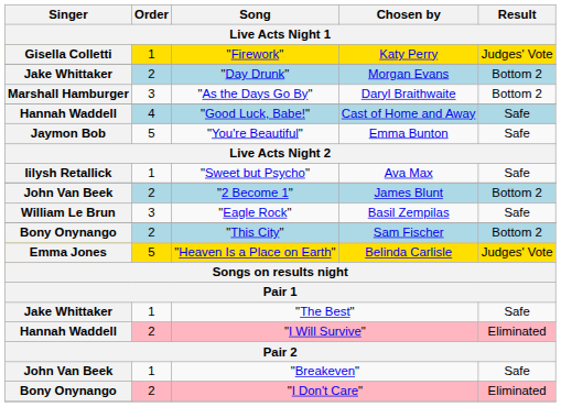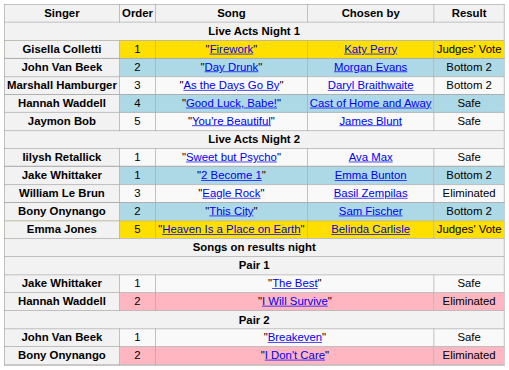 <table class="wikitable plainrowheaders" style="text-align:center;">
 <tr>
 <th scope="col">Singer</th>
 <th scope="col">Order</th>
 <th scope="col">Song</th>
 <th scope="col">Chosen by</th>
 <th scope="col">Result</th>
 </tr>
 <tr>
 <th colspan=5>Live Acts Night 1</th>
 </tr>
 <tr style="background:#ffdf00">
 <th>Gisella Colletti</th>
 <td>1</td>
 <td>"<a href='#'>Firework</a>"</td>
 <td><a href='#'>Katy Perry</a></td>
 <td>Judges' Vote</td>
 </tr>
 <tr>
 </tr>
 <tr style="background:lightblue">
-<th>Jake Whittaker</th>
+<th>John Van Beek</th>
 <td>2</td>
 <td>"<a href='#'>Day Drunk</a>"</td>
 <td><a href='#'>Morgan Evans</a></td>
 <td>Bottom 2</td>
 </tr>
 <tr>
 <th>Marshall Hamburger</th>
 <td>3</td>
 <td>"<a href='#'>As the Days Go By</a>"</td>
 <td><a href='#'>Daryl Braithwaite</a></td>
 <td>Bottom 2</td>
 </tr>
 <tr>
 </tr>
 <tr style="background:lightblue">
 <th>Hannah Waddell</th>
 <td>4</td>
 <td>"<a href='#'>Good Luck, Babe!</a>"</td>
 <td><a href='#'>Cast of Home and Away</a></td>
 <td>Safe</td>
 </tr>
 <tr>
 <th>Jaymon Bob</th>
 <td>5</td>
 <td>"<a href='#'>You're Beautiful</a>"</td>
-<td><a href='#'>Emma Bunton</a></td>
+<td><a href='#'>James Blunt</a></td>
 <td>Safe</td>
 </tr>
 <tr>
 <th colspan=5>Live Acts Night 2</th>
 </tr>
 <tr>
 <th>Iilysh Retallick</th>
 <td>1</td>
 <td>"<a href='#'>Sweet but Psycho</a>"</td>
 <td><a href='#'>Ava Max</a></td>
 <td>Safe</td>
 </tr>
 <tr>
 </tr>
 <tr style="background:lightblue">
-<th>John Van Beek</th>
-<td>2</td>
+<th>Jake Whittaker</th>
+<td>1</td>
 <td>"<a href='#'>2 Become 1</a>"</td>
-<td><a href='#'>James Blunt</a></td>
+<td><a href='#'>Emma Bunton</a></td>
 <td>Bottom 2</td>
 </tr>
 <tr>
 <th>William Le Brun</th>
 <td>3</td>
 <td>"<a href='#'>Eagle Rock</a>"</td>
 <td><a href='#'>Basil Zempilas</a></td>
-<td>Safe</td>
+<td>Eliminated</td>
 </tr>
 <tr>
 </tr>
 <tr style="background:lightblue">
 <th>Bony Onynango</th>
 <td>2</td>
 <td>"<a href='#'>This City</a>"</td>
 <td><a href='#'>Sam Fischer</a></td>
 <td>Bottom 2</td>
 </tr>
 <tr style="background:#ffdf00">
 <th>Emma Jones</th>
 <td>5</td>
 <td>"<a href='#'>Heaven Is a Place on Earth</a>"</td>
 <td><a href='#'>Belinda Carlisle</a></td>
 <td>Judges' Vote</td>
 </tr>
 <tr>
 <th colspan="5">Songs on results night</th>
 </tr>
 <tr>
 <th colspan="5">Pair 1</th>
 </tr>
 <tr>
 <th>Jake Whittaker</th>
 <td>1</td>
 <td colspan=2>"<a href='#'>The Best</a>"</td>
 <td>Safe</td>
 </tr>
 <tr style="background:lightpink">
 <th>Hannah Waddell</th>
 <td>2</td>
 <td colspan=2>"<a href='#'>I Will Survive</a>"</td>
 <td>Eliminated</td>
 </tr>
 <tr>
 <th colspan="5">Pair 2</th>
 </tr>
 <tr>
 <th>John Van Beek</th>
 <td>1</td>
 <td colspan=2>"<a href='#'>Breakeven</a>"</td>
 <td>Safe</td>
 </tr>
 <tr style="background:lightpink">
 <th>Bony Onynango</th>
 <td>2</td>
 <td colspan=2>"<a href='#'>I Don't Care</a>"</td>
 <td>Eliminated</td>
 </tr>
 <tr>
 </tr>
 </table>
